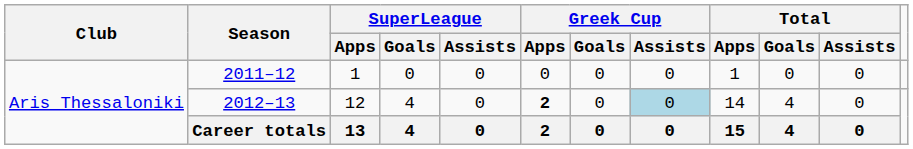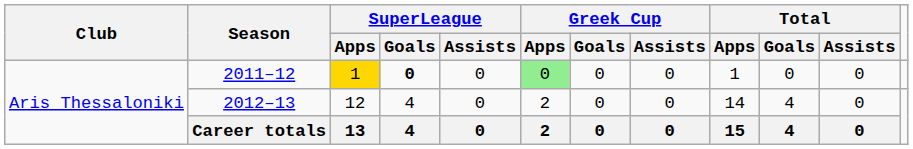 <table class="wikitable" style="font-size:88%; text-align: center">
 <tr>
 <th rowspan=2>Club</th>
 <th rowspan=2>Season</th>
 <th colspan=3><a href='#'>SuperLeague</a></th>
 <th colspan=3><a href='#'>Greek Cup</a></th>
 <th colspan=3>Total</th>
 </tr>
 <tr>
 <th>Apps</th>
 <th>Goals</th>
 <th>Assists</th>
 <th>Apps</th>
 <th>Goals</th>
 <th>Assists</th>
 <th>Apps</th>
 <th>Goals</th>
 <th>Assists</th>
 </tr>
 <tr>
 <td rowspan=7><a href='#'>Aris Thessaloniki</a></td>
 <td><a href='#'>2011–12</a></td>
-<td>1</td>
+<td style="background: gold;">1</td>
+<td><strong>0</strong></td>
 <td>0</td>
-<td>0</td>
-<td>0</td>
+<td style="background: lightgreen;">0</td>
 <td>0</td>
 <td>0</td>
 <td>1</td>
 <td>0</td>
 <td>0</td>
 <td></td>
 </tr>
 <tr>
 <td><a href='#'>2012–13</a></td>
 <td>12</td>
 <td>4</td>
 <td>0</td>
-<td><strong>2</strong></td>
+<td>2</td>
 <td>0</td>
-<td style="background: lightblue;">0</td>
+<td>0</td>
 <td>14</td>
 <td>4</td>
 <td>0</td>
 </tr>
 <tr>
 <th>Career totals</th>
 <th>13</th>
 <th>4</th>
 <th>0</th>
 <th>2</th>
 <th>0</th>
 <th>0</th>
 <th>15</th>
 <th>4</th>
 <th>0</th>
 </tr>
 </table>
